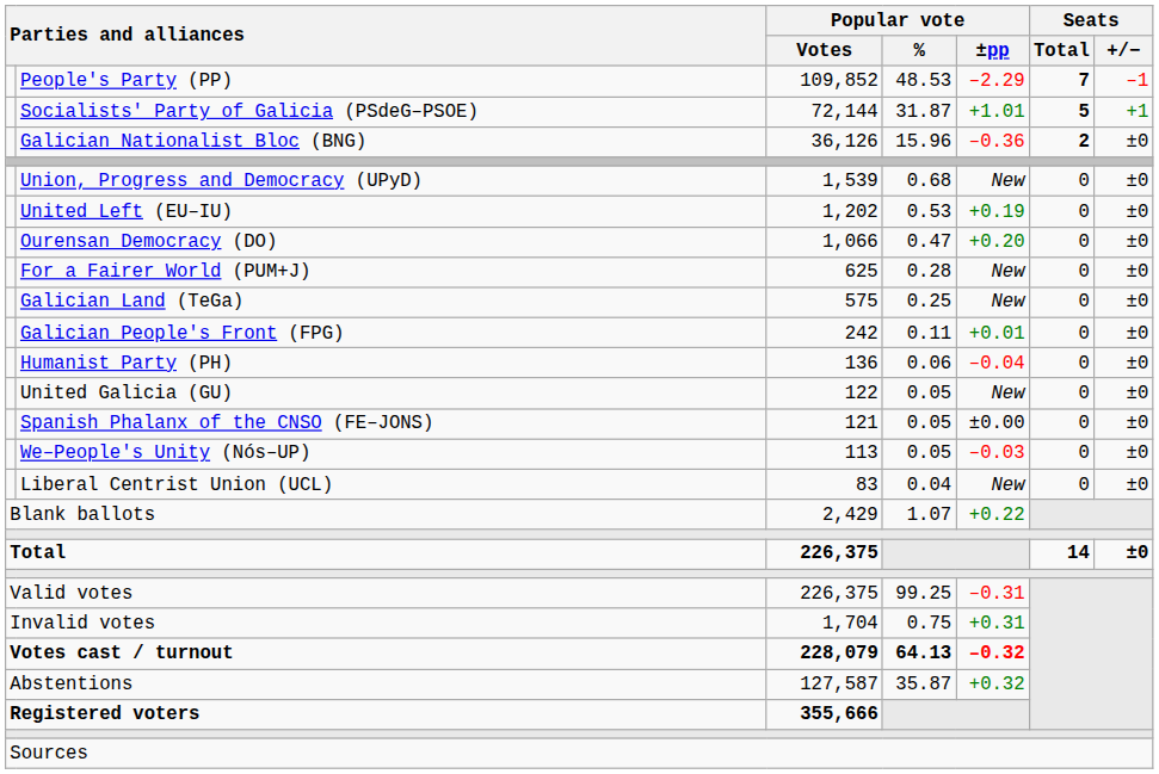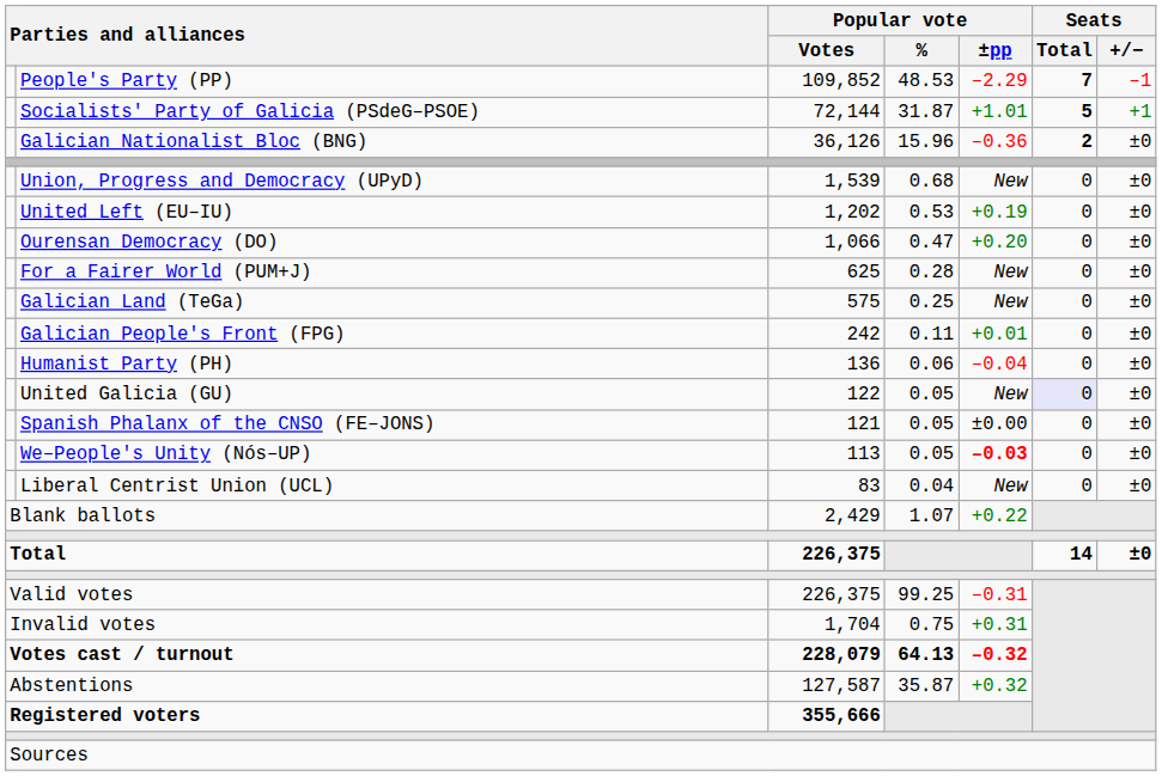 <table class="wikitable" style="text-align:right;">
 <tr>
 <th style="text-align:left;" rowspan="2" colspan="2" width="525">Parties and alliances</th>
 <th colspan="3">Popular vote</th>
 <th colspan="2">Seats</th>
 </tr>
 <tr>
 <th width="75">Votes</th>
 <th width="45">%</th>
 <th width="45">±<a href='#'>pp</a></th>
 <th width="35">Total</th>
 <th width="35">+/−</th>
 </tr>
 <tr>
 <td width="1" style="color:inherit;background:"></td>
 <td align="left"><a href='#'>People's Party</a> (PP)</td>
 <td>109,852</td>
 <td>48.53</td>
 <td style="color:red;">–2.29</td>
 <td><strong>7</strong></td>
 <td style="color:red;">–1</td>
 </tr>
 <tr>
 <td style="color:inherit;background:"></td>
 <td align="left"><a href='#'>Socialists' Party of Galicia</a> (PSdeG–PSOE)</td>
 <td>72,144</td>
 <td>31.87</td>
 <td style="color:green;">+1.01</td>
 <td><strong>5</strong></td>
 <td style="color:green;">+1</td>
 </tr>
 <tr>
 <td style="color:inherit;background:"></td>
 <td align="left"><a href='#'>Galician Nationalist Bloc</a> (BNG)</td>
 <td>36,126</td>
 <td>15.96</td>
 <td style="color:red;">–0.36</td>
 <td><strong>2</strong></td>
 <td>±0</td>
 </tr>
 <tr>
 <td colspan="7" bgcolor="#C0C0C0"></td>
 </tr>
 <tr>
 <td style="color:inherit;background:"></td>
 <td align="left"><a href='#'>Union, Progress and Democracy</a> (UPyD)</td>
 <td>1,539</td>
 <td>0.68</td>
 <td><em>New</em></td>
 <td>0</td>
 <td>±0</td>
 </tr>
 <tr>
 <td style="color:inherit;background:"></td>
 <td align="left"><a href='#'>United Left</a> (EU–IU)</td>
 <td>1,202</td>
 <td>0.53</td>
 <td style="color:green;">+0.19</td>
 <td>0</td>
 <td>±0</td>
 </tr>
 <tr>
 <td style="color:inherit;background:"></td>
 <td align="left"><a href='#'>Ourensan Democracy</a> (DO)</td>
 <td>1,066</td>
 <td>0.47</td>
 <td style="color:green;">+0.20</td>
 <td>0</td>
 <td>±0</td>
 </tr>
 <tr>
 <td style="color:inherit;background:"></td>
 <td align="left"><a href='#'>For a Fairer World</a> (PUM+J)</td>
 <td>625</td>
 <td>0.28</td>
 <td><em>New</em></td>
 <td>0</td>
 <td>±0</td>
 </tr>
 <tr>
 <td style="color:inherit;background:"></td>
 <td align="left"><a href='#'>Galician Land</a> (TeGa)</td>
 <td>575</td>
 <td>0.25</td>
 <td><em>New</em></td>
 <td>0</td>
 <td>±0</td>
 </tr>
 <tr>
 <td style="color:inherit;background:"></td>
 <td align="left"><a href='#'>Galician People's Front</a> (FPG)</td>
 <td>242</td>
 <td>0.11</td>
 <td style="color:green;">+0.01</td>
 <td>0</td>
 <td>±0</td>
 </tr>
 <tr>
 <td style="color:inherit;background:"></td>
 <td align="left"><a href='#'>Humanist Party</a> (PH)</td>
 <td>136</td>
 <td>0.06</td>
 <td style="color:red;">–0.04</td>
 <td>0</td>
 <td>±0</td>
 </tr>
 <tr>
 <td style="color:inherit;background:"></td>
 <td align="left">United Galicia (GU)</td>
 <td>122</td>
 <td>0.05</td>
 <td><em>New</em></td>
-<td>0</td>
+<td style="background: lavender;">0</td>
 <td>±0</td>
 </tr>
 <tr>
 <td style="color:inherit;background:"></td>
 <td align="left"><a href='#'>Spanish Phalanx of the CNSO</a> (FE–JONS)</td>
 <td>121</td>
 <td>0.05</td>
 <td>±0.00</td>
 <td>0</td>
 <td>±0</td>
 </tr>
 <tr>
 <td style="color:inherit;background:"></td>
 <td align="left"><a href='#'>We–People's Unity</a> (Nós–UP)</td>
 <td>113</td>
 <td>0.05</td>
-<td style="color:red;">–0.03</td>
+<td style="color:red;"><strong>–0.03</strong></td>
 <td>0</td>
 <td>±0</td>
 </tr>
 <tr>
 <td style="color:inherit;background:"></td>
 <td align="left">Liberal Centrist Union (UCL)</td>
 <td>83</td>
 <td>0.04</td>
 <td><em>New</em></td>
 <td>0</td>
 <td>±0</td>
 </tr>
 <tr>
 <td align="left" colspan="2">Blank ballots</td>
 <td>2,429</td>
 <td>1.07</td>
 <td style="color:green;">+0.22</td>
 <td bgcolor="#E9E9E9" colspan="2"></td>
 </tr>
 <tr>
 <td colspan="7" bgcolor="#E9E9E9"></td>
 </tr>
 <tr style="font-weight:bold;">
 <td align="left" colspan="2">Total</td>
 <td>226,375</td>
 <td bgcolor="#E9E9E9" colspan="2"></td>
 <td>14</td>
 <td>±0</td>
 </tr>
 <tr>
 <td colspan="7" bgcolor="#E9E9E9"></td>
 </tr>
 <tr>
 <td align="left" colspan="2">Valid votes</td>
 <td>226,375</td>
 <td>99.25</td>
 <td style="color:red;">–0.31</td>
 <td bgcolor="#E9E9E9" colspan="7" rowspan="5"></td>
 </tr>
 <tr>
 <td align="left" colspan="2">Invalid votes</td>
 <td>1,704</td>
 <td>0.75</td>
 <td style="color:green;">+0.31</td>
 </tr>
 <tr style="font-weight:bold;">
 <td align="left" colspan="2">Votes cast / turnout</td>
 <td>228,079</td>
 <td>64.13</td>
 <td style="color:red;">–0.32</td>
 </tr>
 <tr>
 <td align="left" colspan="2">Abstentions</td>
 <td>127,587</td>
 <td>35.87</td>
 <td style="color:green;">+0.32</td>
 </tr>
 <tr style="font-weight:bold;">
 <td align="left" colspan="2">Registered voters</td>
 <td>355,666</td>
 <td bgcolor="#E9E9E9" colspan="2"></td>
 </tr>
 <tr>
 <td colspan="7" bgcolor="#E9E9E9"></td>
 </tr>
 <tr>
 <td align="left" colspan="7">Sources</td>
 </tr>
 </table>
